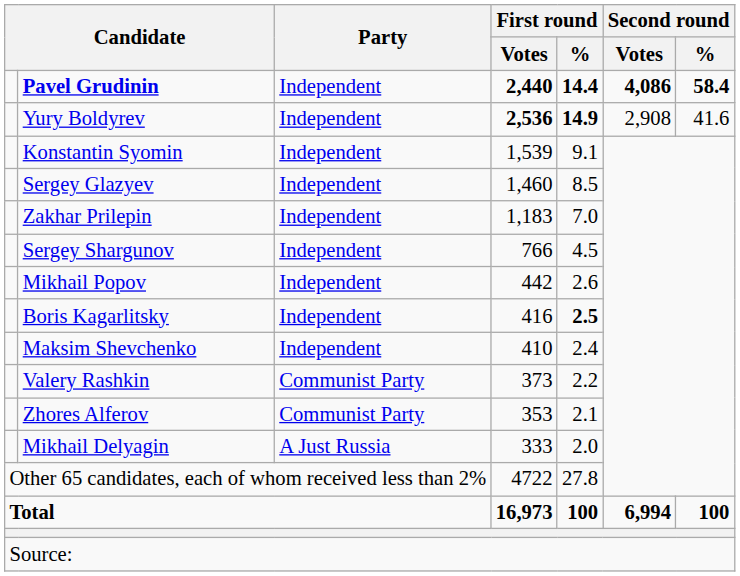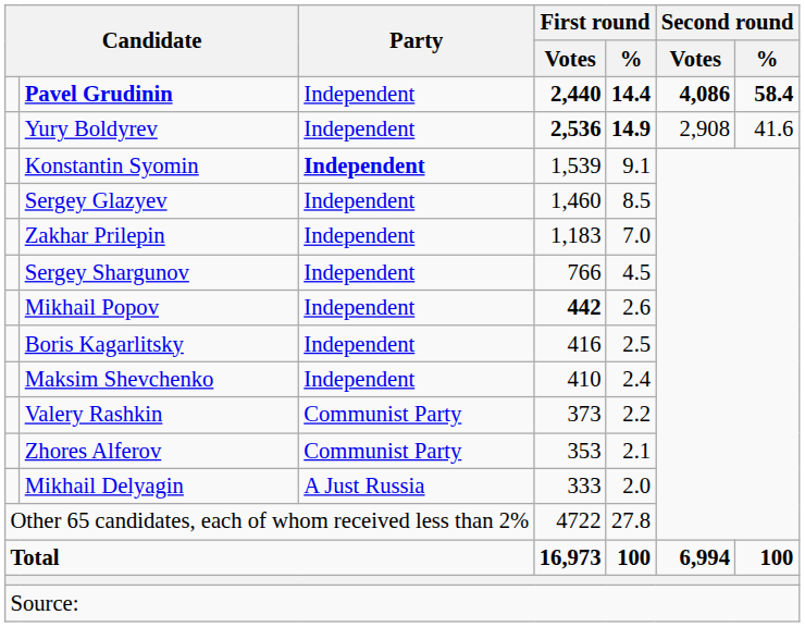 <table class=wikitable style=text-align:right>
 <tr>
 <th colspan=2 rowspan=2>Candidate</th>
 <th rowspan=2>Party</th>
 <th colspan=2>First round</th>
 <th colspan=2>Second round</th>
 </tr>
 <tr>
 <th>Votes</th>
 <th>%</th>
 <th>Votes</th>
 <th>%</th>
 </tr>
 <tr>
 <td style="background-color:"></td>
 <td align=left><strong><a href='#'>Pavel Grudinin</a></strong></td>
 <td align=left><a href='#'>Independent</a></td>
 <td><strong>2,440</strong></td>
 <td><strong>14.4</strong></td>
 <td><strong>4,086</strong></td>
 <td><strong>58.4</strong></td>
 </tr>
 <tr>
 <td style="background-color:"></td>
 <td align=left><a href='#'>Yury Boldyrev</a></td>
 <td align=left><a href='#'>Independent</a></td>
 <td><strong>2,536</strong></td>
 <td><strong>14.9</strong></td>
 <td>2,908</td>
 <td>41.6</td>
 </tr>
 <tr>
 <td style="background-color:"></td>
 <td align=left><a href='#'>Konstantin Syomin</a></td>
-<td align=left><a href='#'>Independent</a></td>
+<td align=left><strong><a href='#'>Independent</a></strong></td>
 <td>1,539</td>
 <td>9.1</td>
 <td colspan=2 rowspan=11></td>
 </tr>
 <tr>
 <td style="background-color:"></td>
 <td align=left><a href='#'>Sergey Glazyev</a></td>
 <td align=left><a href='#'>Independent</a></td>
 <td>1,460</td>
 <td>8.5</td>
 </tr>
 <tr>
 <td style="background-color:"></td>
 <td align=left><a href='#'>Zakhar Prilepin</a></td>
 <td align=left><a href='#'>Independent</a></td>
 <td>1,183</td>
 <td>7.0</td>
 </tr>
 <tr>
 <td style="background-color:"></td>
 <td align=left><a href='#'>Sergey Shargunov</a></td>
 <td align=left><a href='#'>Independent</a></td>
 <td>766</td>
 <td>4.5</td>
 </tr>
 <tr>
 <td style="background-color:"></td>
 <td align=left><a href='#'>Mikhail Popov</a></td>
 <td align=left><a href='#'>Independent</a></td>
-<td>442</td>
+<td><strong>442</strong></td>
 <td>2.6</td>
 </tr>
 <tr>
 <td style="background-color:"></td>
 <td align=left><a href='#'>Boris Kagarlitsky</a></td>
 <td align=left><a href='#'>Independent</a></td>
 <td>416</td>
-<td><strong>2.5</strong></td>
+<td>2.5</td>
 </tr>
 <tr>
 <td style="background-color:"></td>
 <td align=left><a href='#'>Maksim Shevchenko</a></td>
 <td align=left><a href='#'>Independent</a></td>
 <td>410</td>
 <td>2.4</td>
 </tr>
 <tr>
 <td style="background-color:"></td>
 <td align=left><a href='#'>Valery Rashkin</a></td>
 <td align=left><a href='#'>Communist Party</a></td>
 <td>373</td>
 <td>2.2</td>
 </tr>
 <tr>
 <td style="background-color:"></td>
 <td align=left><a href='#'>Zhores Alferov</a></td>
 <td align=left><a href='#'>Communist Party</a></td>
 <td>353</td>
 <td>2.1</td>
 </tr>
 <tr>
 <td style="background-color:"></td>
 <td align=left><a href='#'>Mikhail Delyagin</a></td>
 <td align=left><a href='#'>A Just Russia</a></td>
 <td>333</td>
 <td>2.0</td>
 </tr>
 <tr>
 <td align=left colspan=3>Other 65 candidates, each of whom received less than 2%</td>
 <td>4722</td>
 <td>27.8</td>
 </tr>
 <tr>
 <td align=left colspan=3><strong>Total</strong></td>
 <td><strong>16,973</strong></td>
 <td><strong>100</strong></td>
 <td><strong>6,994</strong></td>
 <td><strong>100</strong></td>
 </tr>
 <tr>
 <th colspan=7></th>
 </tr>
 <tr>
 <td align=left colspan=7>Source:  </td>
 </tr>
 </table>
